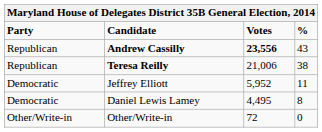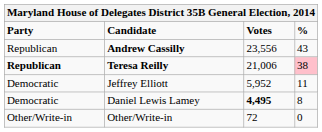 <table class="wikitable">
 <tr>
 <th colspan="4">Maryland House of Delegates District 35B General Election, 2014</th>
 </tr>
 <tr>
 <td><strong>Party</strong></td>
 <td><strong>Candidate</strong></td>
 <td><strong>Votes</strong></td>
 <td><strong>%</strong></td>
 </tr>
 <tr>
 <td>Republican</td>
 <td><strong>Andrew Cassilly</strong></td>
-<td><strong>23,556</strong></td>
+<td>23,556</td>
 <td>43</td>
 </tr>
 <tr>
-<td>Republican</td>
+<td><strong>Republican</strong></td>
 <td><strong>Teresa Reilly</strong></td>
 <td>21,006</td>
-<td>38</td>
+<td style="background: pink;">38</td>
 </tr>
 <tr>
 <td>Democratic</td>
 <td>Jeffrey Elliott</td>
 <td>5,952</td>
 <td>11</td>
 </tr>
 <tr>
 <td>Democratic</td>
 <td>Daniel Lewis Lamey</td>
-<td>4,495</td>
+<td><strong>4,495</strong></td>
 <td>8</td>
 </tr>
 <tr>
 <td>Other/Write-in</td>
 <td>Other/Write-in</td>
 <td>72</td>
 <td>0</td>
 </tr>
 </table>
